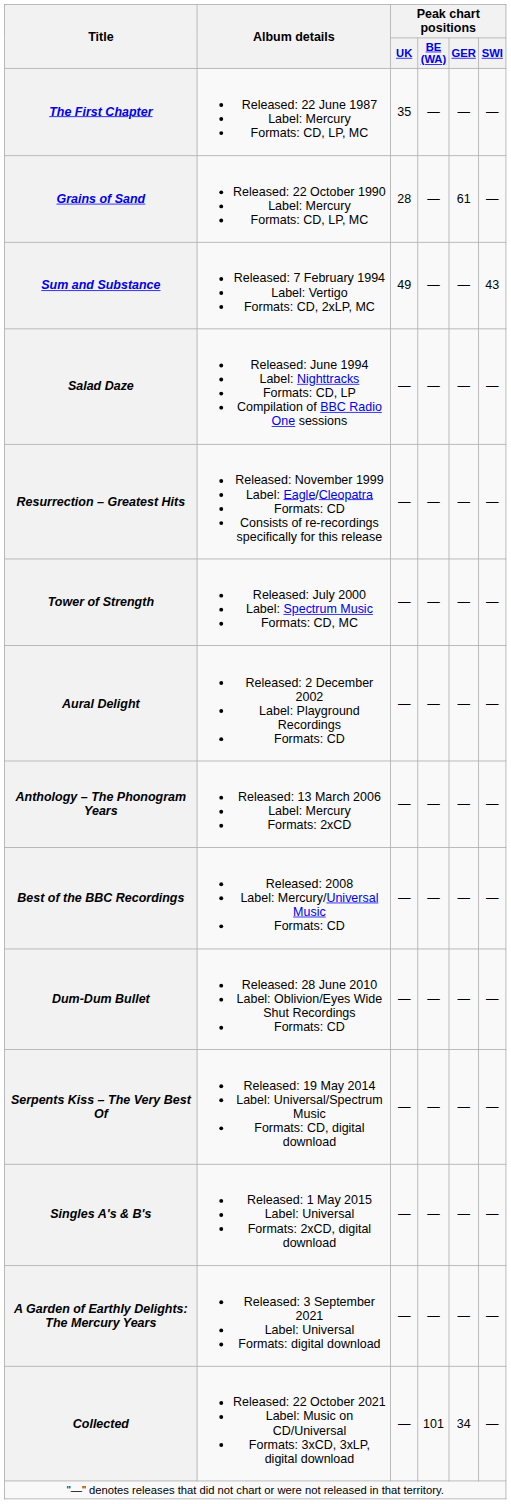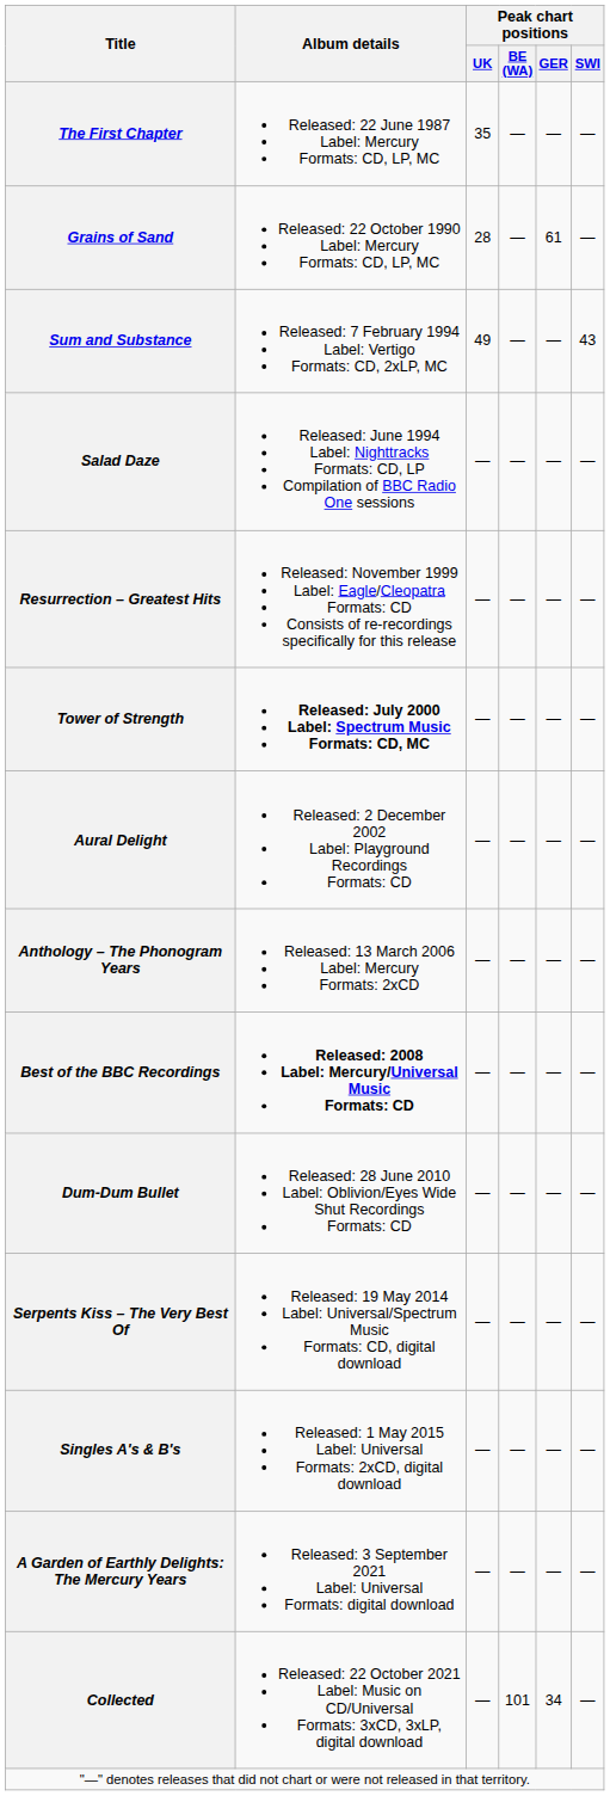 <table class="wikitable plainrowheaders" style="text-align:center;">
 <tr>
 <th rowspan="2" scope="col" style="width:15em;">Title</th>
 <th rowspan="2" scope="col" style="width:15em;">Album details</th>
 <th colspan="4">Peak chart positions</th>
 </tr>
 <tr>
 <th scope="col" style="width:2em;font-size:90%;"><a href='#'>UK</a><br></th>
 <th scope="col" style="width:2em;font-size:90%;"><a href='#'>BE (WA)</a><br></th>
 <th scope="col" style="width:2em;font-size:90%;"><a href='#'>GER</a><br></th>
 <th scope="col" style="width:2em;font-size:90%;"><a href='#'>SWI</a><br></th>
 </tr>
 <tr>
 <th scope="row"><em><a href='#'>The First Chapter</a></em></th>
 <td><br><ul><li>Released: 22 June 1987</li><li>Label: Mercury</li><li>Formats: CD, LP, MC</li></ul></td>
 <td>35</td>
 <td>—</td>
 <td>—</td>
 <td>—</td>
 </tr>
 <tr>
 <th scope="row"><em><a href='#'>Grains of Sand</a></em></th>
 <td><br><ul><li>Released: 22 October 1990</li><li>Label: Mercury</li><li>Formats: CD, LP, MC</li></ul></td>
 <td>28</td>
 <td>—</td>
 <td>61</td>
 <td>—</td>
 </tr>
 <tr>
 <th scope="row"><em><a href='#'>Sum and Substance</a></em></th>
 <td><br><ul><li>Released: 7 February 1994</li><li>Label: Vertigo</li><li>Formats: CD, 2xLP, MC</li></ul></td>
 <td>49</td>
 <td>—</td>
 <td>—</td>
 <td>43</td>
 </tr>
 <tr>
 <th scope="row"><em>Salad Daze</em></th>
 <td><br><ul><li>Released: June 1994</li><li>Label: <a href='#'>Nighttracks</a></li><li>Formats: CD, LP</li><li>Compilation of <a href='#'>BBC Radio One</a> sessions</li></ul></td>
 <td>—</td>
 <td>—</td>
 <td>—</td>
 <td>—</td>
 </tr>
 <tr>
 <th scope="row"><em>Resurrection – Greatest Hits</em></th>
 <td><br><ul><li>Released: November 1999</li><li>Label: <a href='#'>Eagle</a>/<a href='#'>Cleopatra</a></li><li>Formats: CD</li><li>Consists of re-recordings specifically for this release</li></ul></td>
 <td>—</td>
 <td>—</td>
 <td>—</td>
 <td>—</td>
 </tr>
 <tr>
 <th scope="row"><em>Tower of Strength</em></th>
-<td><br><ul><li>Released: July 2000</li><li>Label: <a href='#'>Spectrum Music</a></li><li>Formats: CD, MC</li></ul></td>
+<td><strong><br><ul><li>Released: July 2000</li><li>Label: <a href='#'>Spectrum Music</a></li><li>Formats: CD, MC</li></ul></strong></td>
 <td>—</td>
 <td>—</td>
 <td>—</td>
 <td>—</td>
 </tr>
 <tr>
 <th scope="row"><em>Aural Delight</em></th>
 <td><br><ul><li>Released: 2 December 2002</li><li>Label: Playground Recordings</li><li>Formats: CD</li></ul></td>
 <td>—</td>
 <td>—</td>
 <td>—</td>
 <td>—</td>
 </tr>
 <tr>
 <th scope="row"><em>Anthology – The Phonogram Years</em></th>
 <td><br><ul><li>Released: 13 March 2006</li><li>Label: Mercury</li><li>Formats: 2xCD</li></ul></td>
 <td>—</td>
 <td>—</td>
 <td>—</td>
 <td>—</td>
 </tr>
 <tr>
 <th scope="row"><em>Best of the BBC Recordings</em></th>
-<td><br><ul><li>Released: 2008</li><li>Label: Mercury/<a href='#'>Universal Music</a></li><li>Formats: CD</li></ul></td>
+<td><strong><br><ul><li>Released: 2008</li><li>Label: Mercury/<a href='#'>Universal Music</a></li><li>Formats: CD</li></ul></strong></td>
 <td>—</td>
 <td>—</td>
 <td>—</td>
 <td>—</td>
 </tr>
 <tr>
 <th scope="row"><em>Dum-Dum Bullet</em></th>
 <td><br><ul><li>Released: 28 June 2010</li><li>Label: Oblivion/Eyes Wide Shut Recordings</li><li>Formats: CD</li></ul></td>
 <td>—</td>
 <td>—</td>
 <td>—</td>
 <td>—</td>
 </tr>
 <tr>
 <th scope="row"><em>Serpents Kiss – The Very Best Of</em></th>
 <td><br><ul><li>Released: 19 May 2014</li><li>Label: Universal/Spectrum Music</li><li>Formats: CD, digital download</li></ul></td>
 <td>—</td>
 <td>—</td>
 <td>—</td>
 <td>—</td>
 </tr>
 <tr>
 <th scope="row"><em>Singles A's & B's</em></th>
 <td><br><ul><li>Released: 1 May 2015</li><li>Label: Universal</li><li>Formats: 2xCD, digital download</li></ul></td>
 <td>—</td>
 <td>—</td>
 <td>—</td>
 <td>—</td>
 </tr>
 <tr>
 <th scope="row"><em>A Garden of Earthly Delights: The Mercury Years</em></th>
 <td><br><ul><li>Released: 3 September 2021</li><li>Label: Universal</li><li>Formats: digital download</li></ul></td>
 <td>—</td>
 <td>—</td>
 <td>—</td>
 <td>—</td>
 </tr>
 <tr>
 <th scope="row"><em>Collected</em></th>
 <td><br><ul><li>Released: 22 October 2021</li><li>Label: Music on CD/Universal</li><li>Formats: 3xCD, 3xLP, digital download</li></ul></td>
 <td>—</td>
 <td>101</td>
 <td>34</td>
 <td>—</td>
 </tr>
 <tr>
 <td colspan="6" style="font-size:90%">"—" denotes releases that did not chart or were not released in that territory.</td>
 </tr>
 </table>
